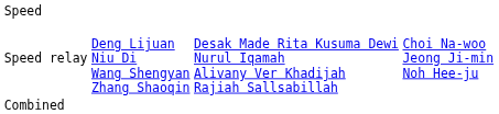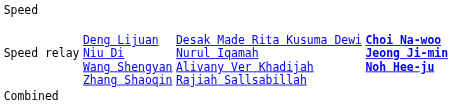 <table>
 <tr>
 <td>Speed<br></td>
 <td></td>
 <td></td>
 <td></td>
 </tr>
 <tr>
 <td>Speed relay<br></td>
 <td><br><a href='#'>Deng Lijuan</a><br><a href='#'>Niu Di</a><br><a href='#'>Wang Shengyan</a><br><a href='#'>Zhang Shaoqin</a></td>
 <td><br><a href='#'>Desak Made Rita Kusuma Dewi</a><br><a href='#'>Nurul Iqamah</a><br><a href='#'>Alivany Ver Khadijah</a><br><a href='#'>Rajiah Sallsabillah</a></td>
-<td valign=top><br><a href='#'>Choi Na-woo</a><br><a href='#'>Jeong Ji-min</a><br><a href='#'>Noh Hee-ju</a></td>
+<td valign=top><strong><br><a href='#'>Choi Na-woo</a><br><a href='#'>Jeong Ji-min</a><br><a href='#'>Noh Hee-ju</a></strong></td>
 </tr>
 <tr>
 <td>Combined<br></td>
 <td></td>
 <td></td>
 <td></td>
 </tr>
 </table>
